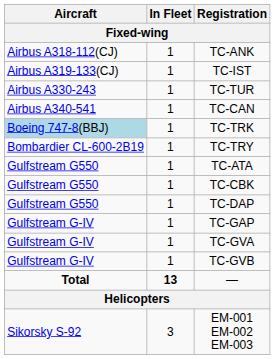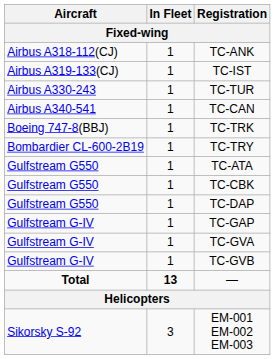 <table class="wikitable" style="border-collapse:collapse">
 <tr>
 <th>Aircraft</th>
 <th>In Fleet</th>
 <th>Registration</th>
 </tr>
 <tr>
 <th colspan="3">Fixed-wing</th>
 </tr>
 <tr>
 <td><a href='#'>Airbus A318-112</a>(CJ)</td>
 <td align=center>1</td>
 <td align=center>TC-ANK</td>
 </tr>
 <tr>
 <td><a href='#'>Airbus A319-133</a>(CJ)</td>
 <td align=center>1</td>
 <td align=center>TC-IST</td>
 </tr>
 <tr>
 <td><a href='#'>Airbus A330-243</a></td>
 <td align=center>1</td>
 <td align=center>TC-TUR</td>
 </tr>
 <tr>
 <td><a href='#'>Airbus A340-541</a></td>
 <td align=center>1</td>
 <td align=center>TC-CAN</td>
 </tr>
 <tr>
-<td style="background: lightblue;"><a href='#'>Boeing 747-8</a>(BBJ)</td>
+<td><a href='#'>Boeing 747-8</a>(BBJ)</td>
 <td align=center>1</td>
 <td align=center>TC-TRK</td>
 </tr>
 <tr>
 <td><a href='#'>Bombardier CL-600-2B19</a></td>
 <td align=center>1</td>
 <td align=center>TC-TRY</td>
 </tr>
 <tr>
 <td><a href='#'>Gulfstream G550</a></td>
 <td align=center>1</td>
 <td align=center>TC-ATA</td>
 </tr>
 <tr>
 <td><a href='#'>Gulfstream G550</a></td>
 <td align=center>1</td>
 <td align=center>TC-CBK</td>
 </tr>
 <tr>
 <td><a href='#'>Gulfstream G550</a></td>
 <td align=center>1</td>
 <td align=center>TC-DAP</td>
 </tr>
 <tr>
 <td><a href='#'>Gulfstream G-IV</a></td>
 <td align=center>1</td>
 <td align=center>TC-GAP</td>
 </tr>
 <tr>
 <td><a href='#'>Gulfstream G-IV</a></td>
 <td align=center>1</td>
 <td align=center>TC-GVA</td>
 </tr>
 <tr>
 <td><a href='#'>Gulfstream G-IV</a></td>
 <td align=center>1</td>
 <td align=center>TC-GVB</td>
 </tr>
 <tr>
 <td align=center><strong>Total</strong></td>
 <td align=center><strong>13</strong></td>
 <td align=center>—</td>
 </tr>
 <tr>
 <th colspan="3">Helicopters</th>
 </tr>
 <tr>
 <td><a href='#'>Sikorsky S-92</a></td>
 <td align=center>3</td>
 <td align=center>EM-001<br>EM-002<br>EM-003</td>
 </tr>
 </table>
